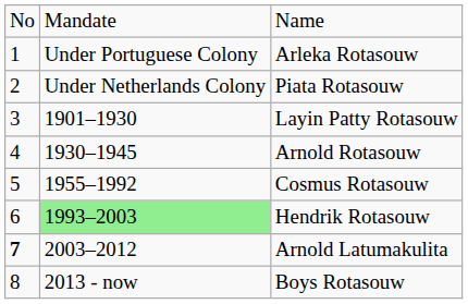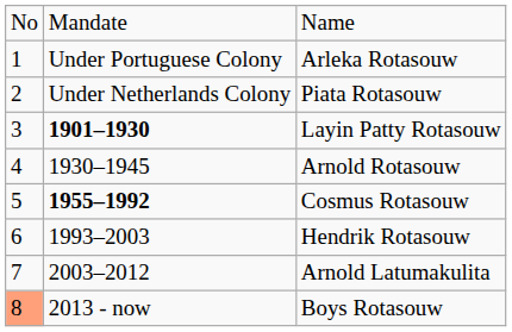 <table class="wikitable">
 <tr>
 <td>No</td>
 <td>Mandate</td>
 <td>Name</td>
 </tr>
 <tr>
 <td>1</td>
 <td>Under Portuguese Colony</td>
 <td>Arleka Rotasouw</td>
 </tr>
 <tr>
 <td>2</td>
 <td>Under Netherlands Colony</td>
 <td>Piata Rotasouw</td>
 </tr>
 <tr>
 <td>3</td>
-<td>1901–1930</td>
+<td><strong>1901–1930</strong></td>
 <td>Layin Patty Rotasouw</td>
 </tr>
 <tr>
 <td>4</td>
 <td>1930–1945</td>
 <td>Arnold Rotasouw</td>
 </tr>
 <tr>
 <td>5</td>
-<td>1955–1992</td>
+<td><strong>1955–1992</strong></td>
 <td>Cosmus Rotasouw</td>
 </tr>
 <tr>
 <td>6</td>
-<td style="background: lightgreen;">1993–2003</td>
+<td>1993–2003</td>
 <td>Hendrik Rotasouw</td>
 </tr>
 <tr>
-<td><strong>7</strong></td>
+<td>7</td>
 <td>2003–2012</td>
 <td>Arnold Latumakulita</td>
 </tr>
 <tr>
-<td>8</td>
+<td style="background: lightsalmon;">8</td>
 <td>2013 - now</td>
 <td>Boys Rotasouw</td>
 </tr>
 </table>
